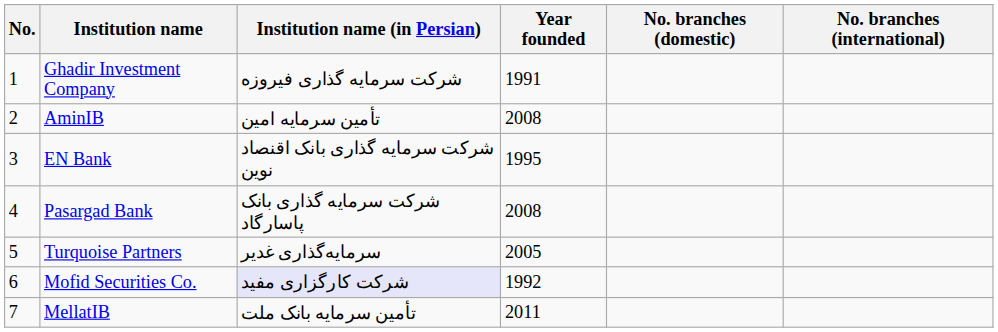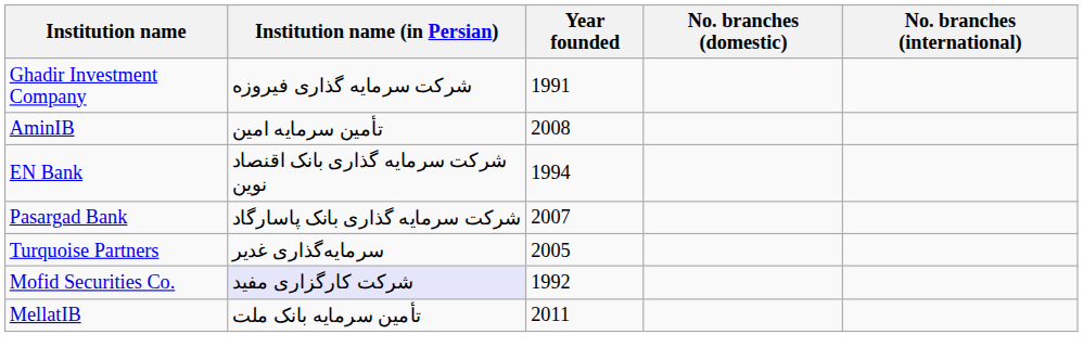 <table class="wikitable sortable">
 <tr style="vertical-align:middle;">
-<th>No.</th>
 <th>Institution name</th>
 <th>Institution name (in <a href='#'>Persian</a>)</th>
 <th>Year founded</th>
 <th>No. branches (domestic)</th>
 <th>No. branches (international)</th>
 </tr>
 <tr>
-<td>1</td>
 <td><a href='#'>Ghadir Investment Company</a></td>
 <td>شرکت سرمایه گذاری فیروزه</td>
 <td>1991</td>
 <td></td>
 <td></td>
 </tr>
 <tr>
-<td>2</td>
 <td><a href='#'>AminIB</a></td>
 <td>تأمین سرمایه امین</td>
 <td>2008</td>
 <td></td>
 <td></td>
 </tr>
 <tr>
-<td>3</td>
 <td><a href='#'>EN Bank</a></td>
 <td>شرکت سرمایه گذاری بانک اقنصاد نوین</td>
-<td>1995</td>
+<td>1994</td>
 <td></td>
 <td></td>
 </tr>
 <tr>
-<td>4</td>
 <td><a href='#'>Pasargad Bank</a></td>
 <td>شرکت سرمایه گذاری بانک پاسارگاد</td>
-<td>2008</td>
+<td>2007</td>
 <td></td>
 <td></td>
 </tr>
 <tr>
-<td>5</td>
 <td><a href='#'>Turquoise Partners</a></td>
 <td>سرمایه‌گذاری غدیر</td>
 <td>2005</td>
 <td></td>
 <td></td>
 </tr>
 <tr>
-<td>6</td>
 <td><a href='#'>Mofid Securities Co.</a></td>
 <td style="background: lavender;">شرکت کارگزاری مفید</td>
 <td>1992</td>
 <td></td>
 <td></td>
 </tr>
 <tr>
-<td>7</td>
 <td><a href='#'>MellatIB</a></td>
 <td>تأمین سرمایه بانک ملت</td>
 <td>2011</td>
 <td></td>
 <td></td>
 </tr>
 </table>
